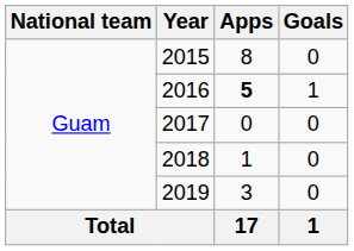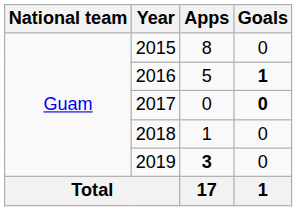 <table class="wikitable" style="text-align:center">
 <tr>
 <th>National team</th>
 <th>Year</th>
 <th>Apps</th>
 <th>Goals</th>
 </tr>
 <tr>
 <td rowspan="5"><a href='#'>Guam</a></td>
 <td>2015</td>
 <td>8</td>
 <td>0</td>
 </tr>
 <tr>
 <td>2016</td>
-<td><strong>5</strong></td>
-<td>1</td>
+<td>5</td>
+<td><strong>1</strong></td>
 </tr>
 <tr>
 <td>2017</td>
 <td>0</td>
-<td>0</td>
+<td><strong>0</strong></td>
 </tr>
 <tr>
 <td>2018</td>
 <td>1</td>
 <td>0</td>
 </tr>
 <tr>
 <td>2019</td>
-<td>3</td>
+<td><strong>3</strong></td>
 <td>0</td>
 </tr>
 <tr>
 <th colspan=2>Total</th>
 <th>17</th>
 <th>1</th>
 </tr>
 </table>
